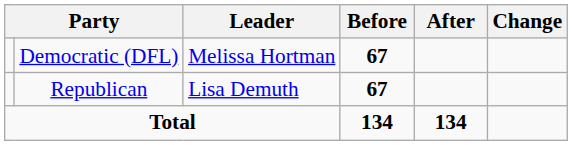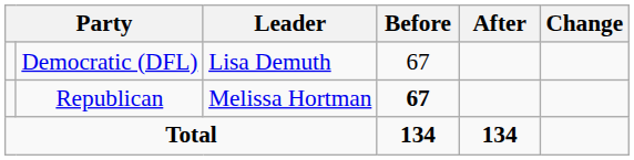 <table class="wikitable" style="text-align:center;">
 <tr>
 <th colspan=2>Party</th>
 <th>Leader</th>
 <th style="width:3em">Before</th>
 <th style="width:3em">After</th>
 <th style="width:3em">Change</th>
 </tr>
 <tr>
 <td style="background-color:"></td>
 <td><a href='#'>Democratic (DFL)</a></td>
-<td style="text-align:left;"><a href='#'>Melissa Hortman</a></td>
-<td><strong>67</strong></td>
+<td style="text-align:left;"><a href='#'>Lisa Demuth</a></td>
+<td>67</td>
 <td></td>
 <td></td>
 </tr>
 <tr>
 <td style="background-color:"></td>
 <td><a href='#'>Republican</a></td>
-<td style="text-align:left;"><a href='#'>Lisa Demuth</a></td>
+<td style="text-align:left;"><a href='#'>Melissa Hortman</a></td>
 <td><strong>67</strong></td>
 <td></td>
 <td></td>
 </tr>
 <tr>
 <td colspan="3"><strong>Total</strong></td>
 <td><strong>134</strong></td>
 <td><strong>134</strong></td>
 <td></td>
 </tr>
 </table>
